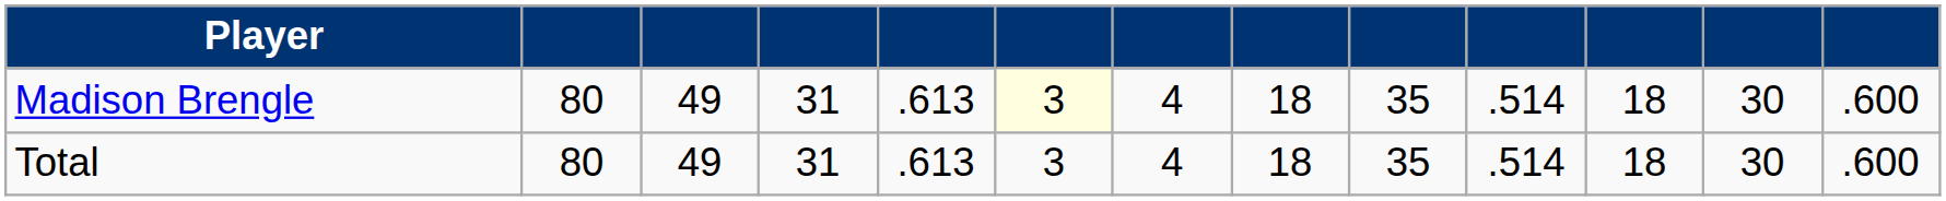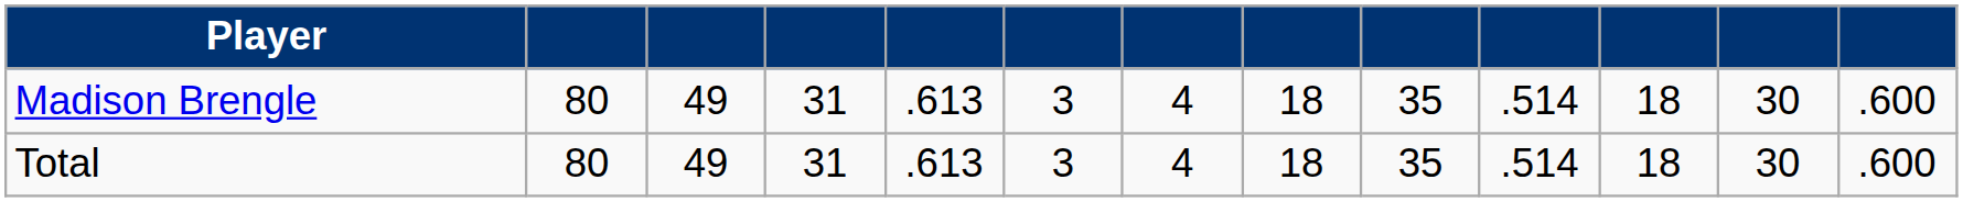 <table class="wikitable" style="text-align:center">
 <tr>
 <th style="background:#003372; color:#fff" width="200px">Player</th>
 <th style="background:#003372; color:#fff" width="40px"></th>
 <th style="background:#003372; color:#fff" width="40px"></th>
 <th style="background:#003372; color:#fff" width="40px"></th>
 <th style="background:#003372; color:#fff" width="40px"></th>
 <th style="background:#003372; color:#fff" width="40px"></th>
 <th style="background:#003372; color:#fff" width="40px"></th>
 <th style="background:#003372; color:#fff" width="40px"></th>
 <th style="background:#003372; color:#fff" width="40px"></th>
 <th style="background:#003372; color:#fff" width="40px"></th>
 <th style="background:#003372; color:#fff" width="40px"></th>
 <th style="background:#003372; color:#fff" width="40px"></th>
 <th style="background:#003372; color:#fff" width="40px"></th>
 </tr>
 <tr>
 <td style="text-align:left"><a href='#'>Madison Brengle</a></td>
 <td>80</td>
 <td>49</td>
 <td>31</td>
 <td>.613</td>
-<td style="background: lightyellow;">3</td>
+<td>3</td>
 <td>4</td>
 <td>18</td>
 <td>35</td>
 <td>.514</td>
 <td>18</td>
 <td>30</td>
 <td>.600</td>
 </tr>
 <tr>
 <td style="text-align:left">Total</td>
 <td>80</td>
 <td>49</td>
 <td>31</td>
 <td>.613</td>
 <td>3</td>
 <td>4</td>
 <td>18</td>
 <td>35</td>
 <td>.514</td>
 <td>18</td>
 <td>30</td>
 <td>.600</td>
 </tr>
 </table>
